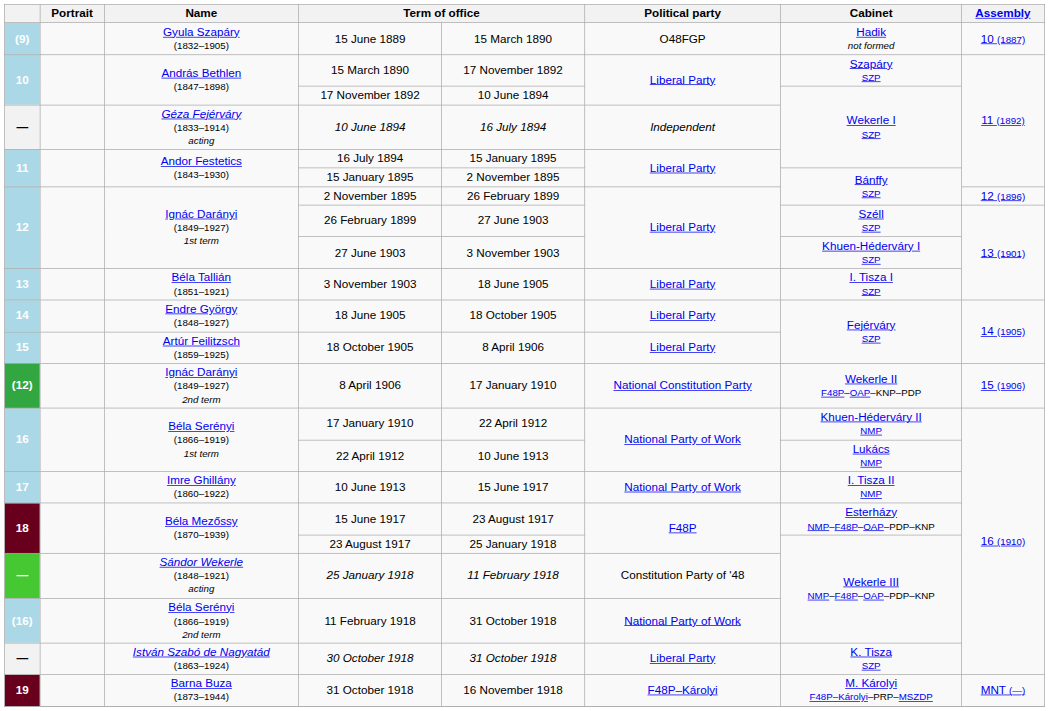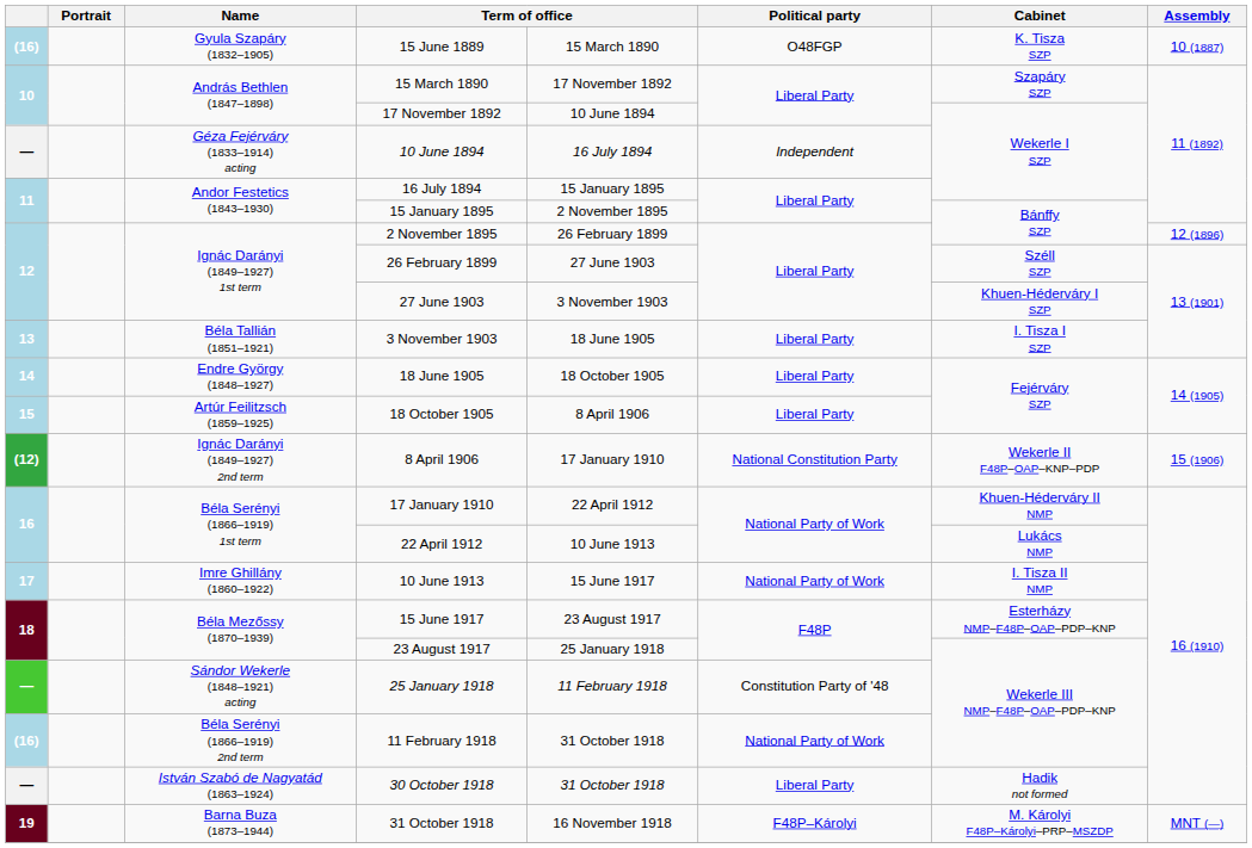 <table class="wikitable" style="width:90%; text-align:center;">
 <tr>
 <th></th>
 <th>Portrait</th>
 <th>Name<br></th>
 <th colspan=2>Term of office</th>
 <th>Political party</th>
 <th>Cabinet</th>
 <th><a href='#'>Assembly</a><br></th>
 </tr>
 <tr>
-<th style="background-color:#AAD8E6; color:white">(9)</th>
+<th style="background-color:#AAD8E6; color:white">(16)</th>
 <td></td>
 <td><a href='#'>Gyula Szapáry</a><br><small>(1832–1905)</small></td>
 <td>15 June 1889</td>
 <td>15 March 1890</td>
 <td>O48FGP</td>
-<td><a href='#'>Hadik</a><br><small><em>not formed</em></small></td>
+<td><a href='#'>K. Tisza</a><br><small><a href='#'>SZP</a></small></td>
 <td rowspan="2"><a href='#'>10 <small>(1887)</small></a></td>
 </tr>
 <tr>
 <th rowspan="3" style="background-color:#AAD8E6; color:white">10</th>
 <td rowspan="3"></td>
 <td rowspan="3"><a href='#'>András Bethlen</a><br><small>(1847–1898)</small></td>
 <td rowspan="2">15 March 1890</td>
 <td rowspan="2">17 November 1892</td>
 <td rowspan="3"><a href='#'>Liberal Party</a></td>
 <td rowspan="2"><a href='#'>Szapáry</a><br><small><a href='#'>SZP</a></small></td>
 </tr>
 <tr>
 <td rowspan="6"><a href='#'>11 <small>(1892)</small></a></td>
 </tr>
 <tr>
 <td>17 November 1892</td>
 <td>10 June 1894</td>
 <td rowspan="3"><a href='#'>Wekerle I</a><br><small><a href='#'>SZP</a></small></td>
 </tr>
 <tr>
 <th style="background-color:">—</th>
 <td></td>
 <td><em><a href='#'>Géza Fejérváry</a></em><br><small>(1833–1914)<br><em>acting</em></small></td>
 <td><em>10 June 1894</em></td>
 <td><em>16 July 1894</em></td>
 <td><em>Independent</em></td>
 </tr>
 <tr>
 <th rowspan="2" style="background-color:#AAD8E6; color:white">11</th>
 <td rowspan="2"></td>
 <td rowspan="2"><a href='#'>Andor Festetics</a><br><small>(1843–1930)</small></td>
 <td>16 July 1894</td>
 <td>15 January 1895</td>
 <td rowspan="2"><a href='#'>Liberal Party</a></td>
 </tr>
 <tr>
 <td>15 January 1895</td>
 <td>2 November 1895</td>
 <td rowspan="3"><a href='#'>Bánffy</a><br><small><a href='#'>SZP</a></small></td>
 </tr>
 <tr>
 <th rowspan="5" style="background-color:#AAD8E6; color:white">12</th>
 <td rowspan="5"></td>
 <td rowspan="5"><a href='#'>Ignác Darányi</a><br><small>(1849–1927)<br><em>1st term</em></small></td>
 <td rowspan="2">2 November 1895</td>
 <td rowspan="2">26 February 1899</td>
 <td rowspan="5"><a href='#'>Liberal Party</a></td>
 </tr>
 <tr>
 <td rowspan="2"><a href='#'>12 <small>(1896)</small></a></td>
 </tr>
 <tr>
 <td rowspan="2">26 February 1899</td>
 <td rowspan="2">27 June 1903</td>
 <td rowspan="2"><a href='#'>Széll</a><br><small><a href='#'>SZP</a></small></td>
 </tr>
 <tr>
 <td rowspan="3"><a href='#'>13 <small>(1901)</small></a></td>
 </tr>
 <tr>
 <td>27 June 1903</td>
 <td>3 November 1903</td>
 <td><a href='#'>Khuen-Héderváry I</a><br><small><a href='#'>SZP</a></small></td>
 </tr>
 <tr>
 <th style="background-color:#AAD8E6; color:white">13</th>
 <td></td>
 <td><a href='#'>Béla Tallián</a><br><small>(1851–1921)</small></td>
 <td>3 November 1903</td>
 <td>18 June 1905</td>
 <td><a href='#'>Liberal Party</a></td>
 <td><a href='#'>I. Tisza I</a><br><small><a href='#'>SZP</a></small></td>
 </tr>
 <tr>
 <th style="background-color:#AAD8E6; color:white">14</th>
 <td></td>
 <td><a href='#'>Endre György</a><br><small>(1848–1927)</small></td>
 <td>18 June 1905</td>
 <td>18 October 1905</td>
 <td><a href='#'>Liberal Party</a></td>
 <td rowspan="2"><a href='#'>Fejérváry</a><br><small><a href='#'>SZP</a></small></td>
 <td rowspan="2"><a href='#'>14 <small>(1905)</small></a></td>
 </tr>
 <tr>
 <th style="background-color:#AAD8E6; color:white">15</th>
 <td></td>
 <td><a href='#'>Artúr Feilitzsch</a><br><small>(1859–1925)</small></td>
 <td>18 October 1905</td>
 <td>8 April 1906</td>
 <td><a href='#'>Liberal Party</a></td>
 </tr>
 <tr>
 <th style="background-color:#32A640; color:white">(12)</th>
 <td></td>
 <td><a href='#'>Ignác Darányi</a><br><small>(1849–1927)<br><em>2nd term</em></small></td>
 <td>8 April 1906</td>
 <td>17 January 1910</td>
 <td><a href='#'>National Constitution Party</a></td>
 <td><a href='#'>Wekerle II</a><br><small><a href='#'>F48P</a>–<a href='#'>OAP</a>–KNP–PDP</small></td>
 <td rowspan="2"><a href='#'>15 <small>(1906)</small></a></td>
 </tr>
 <tr>
 <th rowspan="3" style="background-color:#AAD8E6; color:white">16</th>
 <td rowspan="3"></td>
 <td rowspan="3"><a href='#'>Béla Serényi</a><br><small>(1866–1919)<br><em>1st term</em></small></td>
 <td rowspan="2">17 January 1910</td>
 <td rowspan="2">22 April 1912</td>
 <td rowspan="3"><a href='#'>National Party of Work</a></td>
 <td rowspan="2"><a href='#'>Khuen-Héderváry II</a><br><small><a href='#'>NMP</a></small></td>
 </tr>
 <tr>
 <td rowspan="8"><a href='#'>16 <small>(1910)</small></a></td>
 </tr>
 <tr>
 <td>22 April 1912</td>
 <td>10 June 1913</td>
 <td><a href='#'>Lukács</a><br><small><a href='#'>NMP</a></small></td>
 </tr>
 <tr>
 <th style="background-color:#AAD8E6; color:white">17</th>
 <td></td>
 <td><a href='#'>Imre Ghillány</a><br><small>(1860–1922)</small></td>
 <td>10 June 1913</td>
 <td>15 June 1917</td>
 <td><a href='#'>National Party of Work</a></td>
 <td><a href='#'>I. Tisza II</a><br><small><a href='#'>NMP</a></small></td>
 </tr>
 <tr>
 <th rowspan="2" style="background-color:#68001D; color:white">18</th>
 <td rowspan="2"></td>
 <td rowspan="2"><a href='#'>Béla Mezőssy</a><br><small>(1870–1939)</small></td>
 <td>15 June 1917</td>
 <td>23 August 1917</td>
 <td rowspan="2"><a href='#'>F48P</a></td>
 <td><a href='#'>Esterházy</a><br><small><a href='#'>NMP</a>–<a href='#'>F48P</a>–<a href='#'>OAP</a>–PDP–KNP</small></td>
 </tr>
 <tr>
 <td>23 August 1917</td>
 <td>25 January 1918</td>
 <td rowspan="3"><a href='#'>Wekerle III</a><br><small><a href='#'>NMP</a>–<a href='#'>F48P</a>–<a href='#'>OAP</a>–PDP–KNP</small></td>
 </tr>
 <tr>
 <th style="background-color:#46C832; color:white">—</th>
 <td></td>
 <td><em><a href='#'>Sándor Wekerle</a></em><br><small>(1848–1921)<br><em>acting</em></small></td>
 <td><em>25 January 1918</em></td>
 <td><em>11 February 1918</em></td>
 <td>Constitution Party of '48</td>
 </tr>
 <tr>
 <th style="background-color:#AAD8E6; color:white">(16)</th>
 <td></td>
 <td><a href='#'>Béla Serényi</a><br><small>(1866–1919)<br><em>2nd term</em></small></td>
 <td>11 February 1918</td>
 <td>31 October 1918</td>
 <td><a href='#'>National Party of Work</a></td>
 </tr>
 <tr>
 <th style="background:">—</th>
 <td></td>
 <td><em><a href='#'>István Szabó de Nagyatád</a></em><br><small>(1863–1924)</small></td>
 <td><em>30 October 1918</em></td>
 <td><em>31 October 1918</em></td>
 <td><a href='#'>Liberal Party</a></td>
-<td><a href='#'>K. Tisza</a><br><small><a href='#'>SZP</a></small></td>
+<td><a href='#'>Hadik</a><br><small><em>not formed</em></small></td>
 </tr>
 <tr>
 <th style="background-color:#68001D; color:white">19</th>
 <td></td>
 <td><a href='#'>Barna Buza</a><br><small>(1873–1944)</small></td>
 <td>31 October 1918</td>
 <td>16 November 1918</td>
 <td><a href='#'>F48P–Károlyi</a></td>
 <td><a href='#'>M. Károlyi</a><br><small><a href='#'>F48P–Károlyi</a>–PRP–<a href='#'>MSZDP</a></small></td>
 <td><a href='#'>MNT <small>(—)</small></a></td>
 </tr>
 <tr>
 </tr>
 </table>
